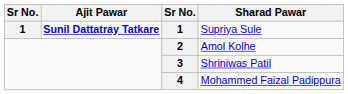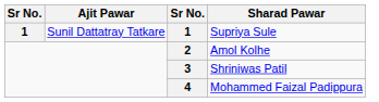 <table class="wikitable">
 <tr>
 <th>Sr No.</th>
 <th>Ajit Pawar</th>
 <th>Sr No.</th>
 <th>Sharad Pawar</th>
 </tr>
 <tr>
 <th>1</th>
-<td><strong><a href='#'>Sunil Dattatray Tatkare</a></strong></td>
+<td><a href='#'>Sunil Dattatray Tatkare</a></td>
 <th>1</th>
 <td><a href='#'>Supriya Sule</a></td>
 </tr>
 <tr>
 <td colspan="2" rowspan="3"></td>
 <th>2</th>
 <td><a href='#'>Amol Kolhe</a></td>
 </tr>
 <tr>
 <th>3</th>
 <td><a href='#'>Shriniwas Patil</a></td>
 </tr>
 <tr>
 <th>4</th>
 <td><a href='#'>Mohammed Faizal Padippura</a></td>
 </tr>
 </table>
